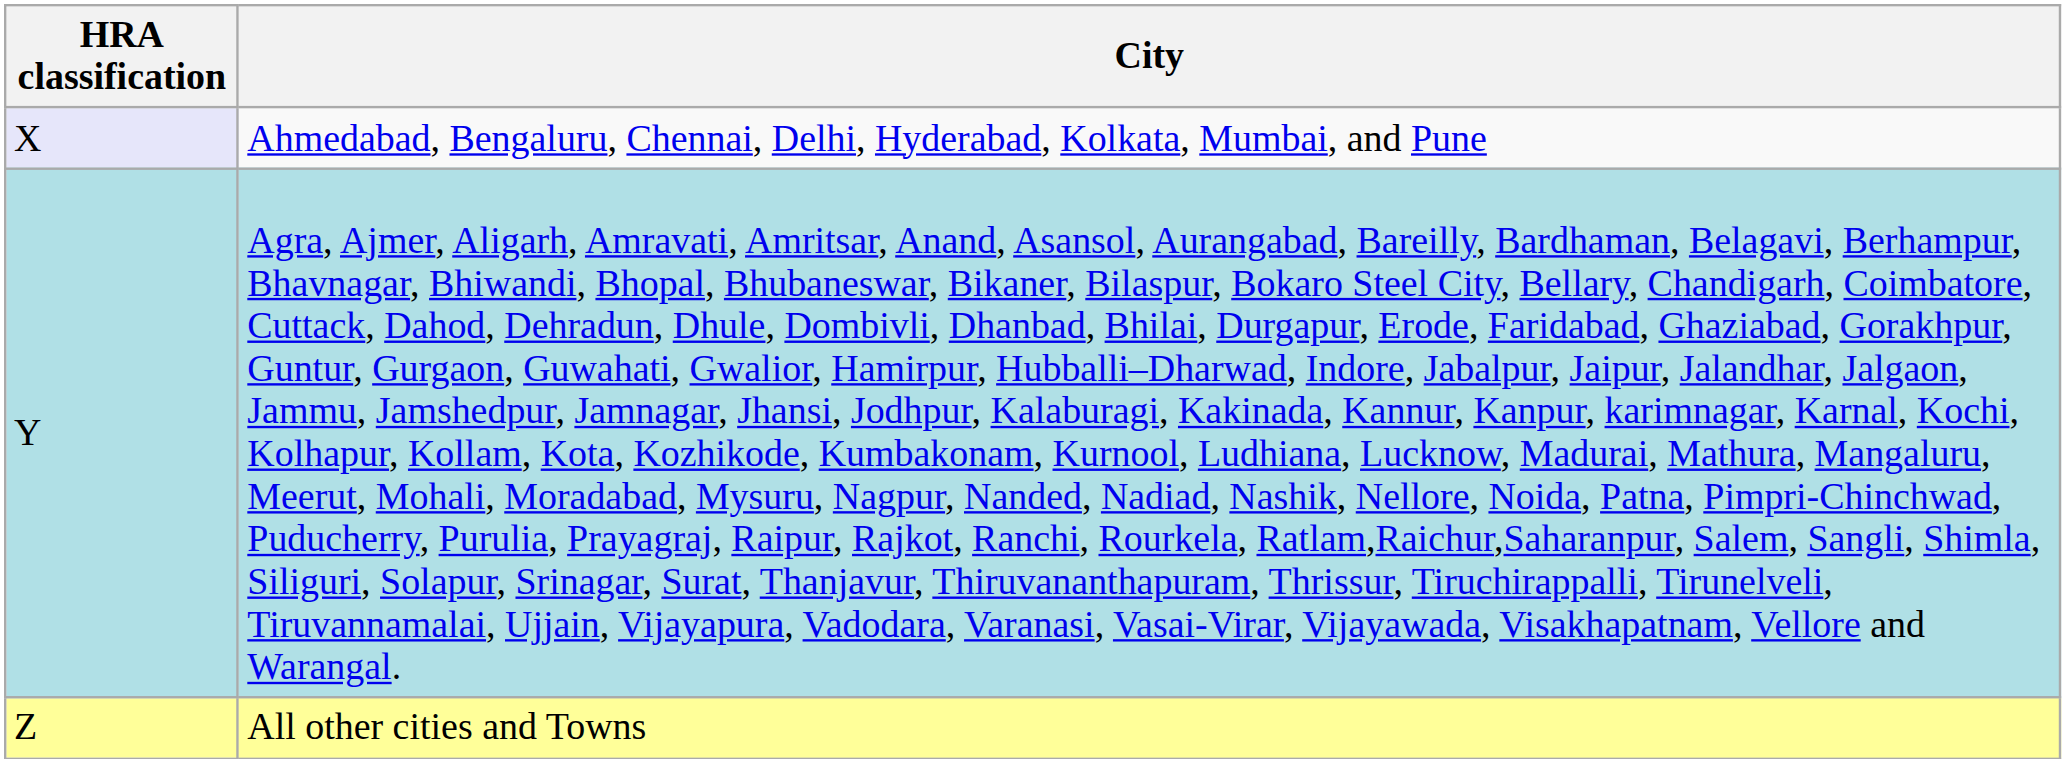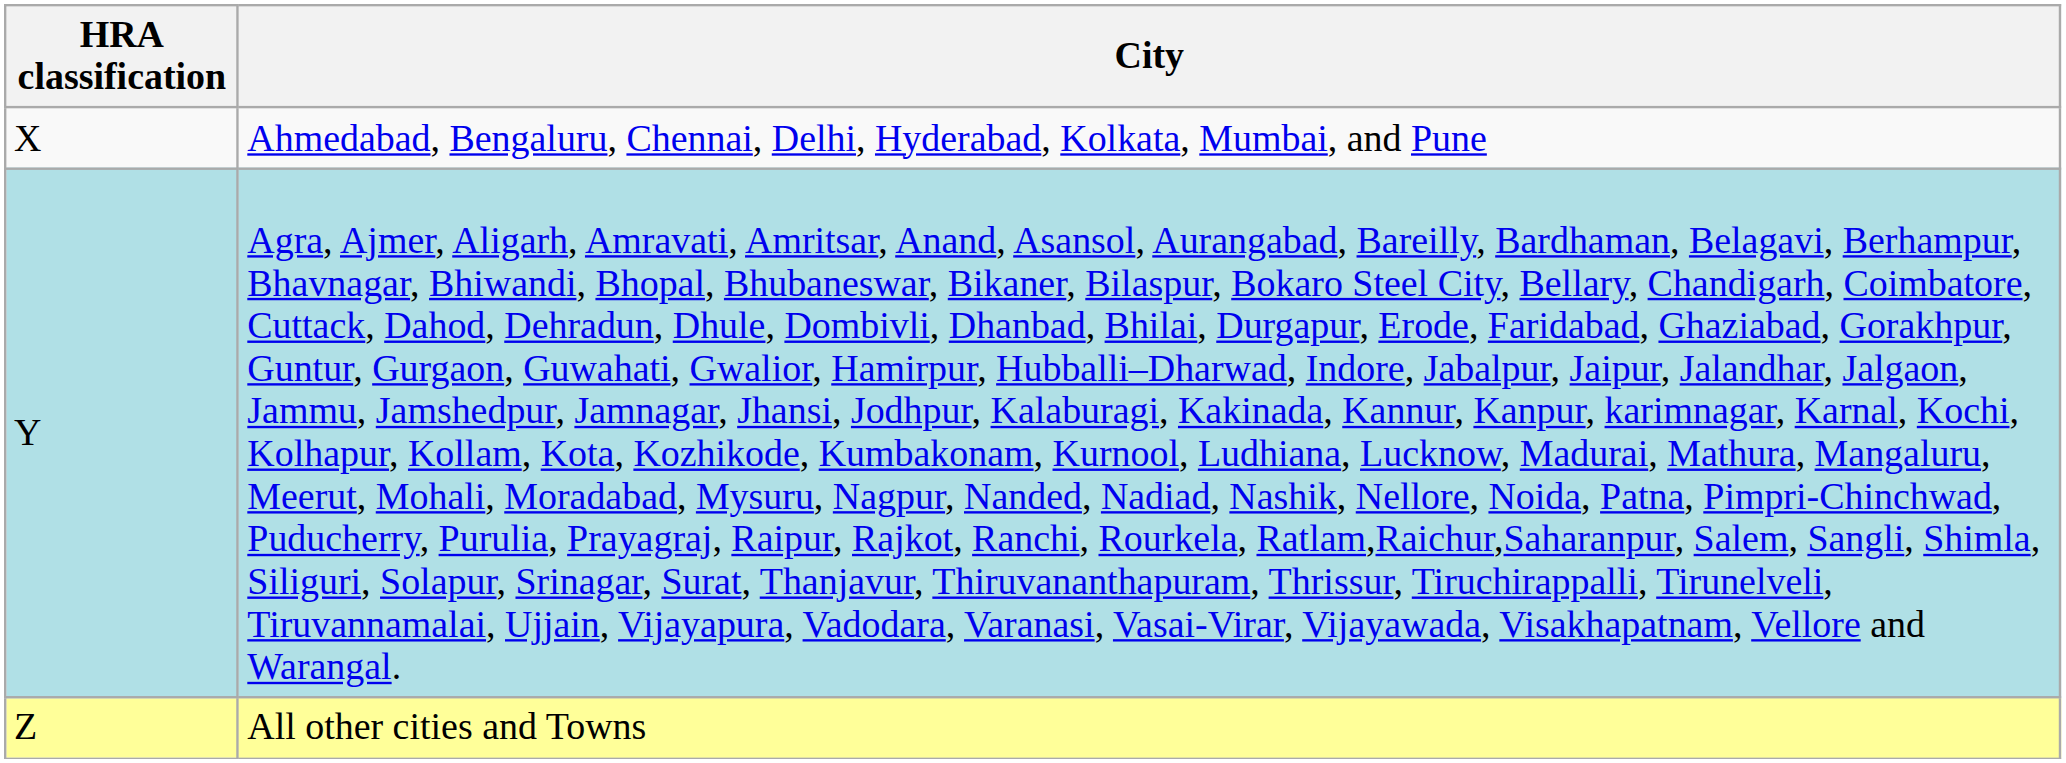 <table class="wikitable">
 <tr>
 <th><strong>HRA classification</strong></th>
 <th><strong>City</strong></th>
 </tr>
 <tr>
-<td style="background: lavender;">X</td>
+<td>X</td>
 <td><a href='#'>Ahmedabad</a>, <a href='#'>Bengaluru</a>, <a href='#'>Chennai</a>, <a href='#'>Delhi</a>, <a href='#'>Hyderabad</a>, <a href='#'>Kolkata</a>, <a href='#'>Mumbai</a>, and <a href='#'>Pune</a></td>
 </tr>
 <tr style="background: #b0e0e6;">
 <td>Y</td>
 <td [Previously Known as B]style="background: #b0e0e6;"><br><a href='#'>Agra</a>, <a href='#'>Ajmer</a>, <a href='#'>Aligarh</a>, <a href='#'>Amravati</a>, <a href='#'>Amritsar</a>, <a href='#'>Anand</a>, <a href='#'>Asansol</a>, <a href='#'>Aurangabad</a>, <a href='#'>Bareilly</a>, <a href='#'>Bardhaman</a>, <a href='#'>Belagavi</a>, <a href='#'>Berhampur</a>, <a href='#'>Bhavnagar</a>, <a href='#'>Bhiwandi</a>, <a href='#'>Bhopal</a>, <a href='#'>Bhubaneswar</a>, <a href='#'>Bikaner</a>, <a href='#'>Bilaspur</a>, <a href='#'>Bokaro Steel City</a>, <a href='#'>Bellary</a>, <a href='#'>Chandigarh</a>, <a href='#'>Coimbatore</a>, <a href='#'>Cuttack</a>, <a href='#'>Dahod</a>, <a href='#'>Dehradun</a>, <a href='#'>Dhule</a>, <a href='#'>Dombivli</a>, <a href='#'>Dhanbad</a>, <a href='#'>Bhilai</a>, <a href='#'>Durgapur</a>, <a href='#'>Erode</a>, <a href='#'>Faridabad</a>, <a href='#'>Ghaziabad</a>, <a href='#'>Gorakhpur</a>, <a href='#'>Guntur</a>, <a href='#'>Gurgaon</a>, <a href='#'>Guwahati</a>, <a href='#'>Gwalior</a>, <a href='#'>Hamirpur</a>, <a href='#'>Hubballi–Dharwad</a>, <a href='#'>Indore</a>, <a href='#'>Jabalpur</a>, <a href='#'>Jaipur</a>, <a href='#'>Jalandhar</a>, <a href='#'>Jalgaon</a>, <a href='#'>Jammu</a>, <a href='#'>Jamshedpur</a>, <a href='#'>Jamnagar</a>, <a href='#'>Jhansi</a>, <a href='#'>Jodhpur</a>, <a href='#'>Kalaburagi</a>, <a href='#'>Kakinada</a>, <a href='#'>Kannur</a>, <a href='#'>Kanpur</a>, <a href='#'>karimnagar</a>, <a href='#'>Karnal</a>, <a href='#'>Kochi</a>, <a href='#'>Kolhapur</a>, <a href='#'>Kollam</a>, <a href='#'>Kota</a>, <a href='#'>Kozhikode</a>, <a href='#'>Kumbakonam</a>, <a href='#'>Kurnool</a>, <a href='#'>Ludhiana</a>, <a href='#'>Lucknow</a>, <a href='#'>Madurai</a>, <a href='#'>Mathura</a>, <a href='#'>Mangaluru</a>, <a href='#'>Meerut</a>, <a href='#'>Mohali</a>, <a href='#'>Moradabad</a>, <a href='#'>Mysuru</a>, <a href='#'>Nagpur</a>, <a href='#'>Nanded</a>, <a href='#'>Nadiad</a>, <a href='#'>Nashik</a>, <a href='#'>Nellore</a>, <a href='#'>Noida</a>, <a href='#'>Patna</a>, <a href='#'>Pimpri-Chinchwad</a>, <a href='#'>Puducherry</a>, <a href='#'>Purulia</a>, <a href='#'>Prayagraj</a>, <a href='#'>Raipur</a>, <a href='#'>Rajkot</a>, <a href='#'>Ranchi</a>, <a href='#'>Rourkela</a>, <a href='#'>Ratlam</a>,<a href='#'>Raichur</a>,<a href='#'>Saharanpur</a>, <a href='#'>Salem</a>, <a href='#'>Sangli</a>, <a href='#'>Shimla</a>, <a href='#'>Siliguri</a>, <a href='#'>Solapur</a>, <a href='#'>Srinagar</a>, <a href='#'>Surat</a>, <a href='#'>Thanjavur</a>, <a href='#'>Thiruvananthapuram</a>, <a href='#'>Thrissur</a>, <a href='#'>Tiruchirappalli</a>, <a href='#'>Tirunelveli</a>, <a href='#'>Tiruvannamalai</a>, <a href='#'>Ujjain</a>, <a href='#'>Vijayapura</a>, <a href='#'>Vadodara</a>, <a href='#'>Varanasi</a>, <a href='#'>Vasai-Virar</a>, <a href='#'>Vijayawada</a>, <a href='#'>Visakhapatnam</a>, <a href='#'>Vellore</a>  and <a href='#'>Warangal</a>.</td>
 </tr>
 <tr style="background: #FF9;">
 <td>Z</td>
 <td style="background: #FF9;">All other cities and Towns</td>
 </tr>
 </table>
